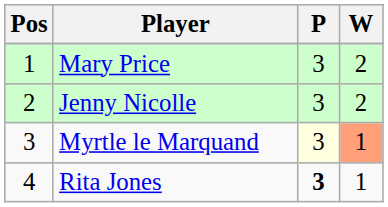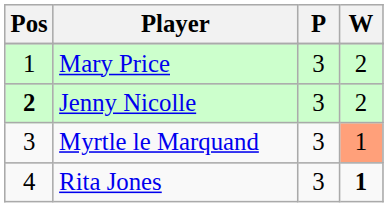 <table class="wikitable">
 <tr>
 <th width=20>Pos</th>
 <th width=150>Player</th>
 <th width=20>P</th>
 <th width=20>W</th>
 </tr>
 <tr>
 </tr>
 <tr align=center style="background: #ccffcc;">
 <td>1</td>
 <td align="left"> <a href='#'>Mary Price</a></td>
 <td>3</td>
 <td>2</td>
 </tr>
 <tr align=center style="background: #ccffcc;">
-<td>2</td>
+<td><strong>2</strong></td>
 <td align="left"> <a href='#'>Jenny Nicolle</a></td>
 <td>3</td>
 <td>2</td>
 </tr>
 <tr align=center>
 <td>3</td>
 <td align="left"> <a href='#'>Myrtle le Marquand</a></td>
-<td style="background: lightyellow;">3</td>
+<td>3</td>
 <td style="background: lightsalmon;">1</td>
 </tr>
 <tr align=center>
 <td>4</td>
 <td align="left"> <a href='#'>Rita Jones</a></td>
-<td><strong>3</strong></td>
-<td>1</td>
+<td>3</td>
+<td><strong>1</strong></td>
 </tr>
 </table>
